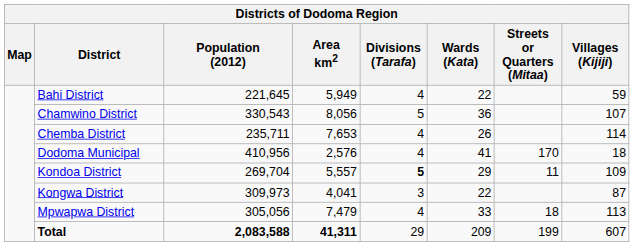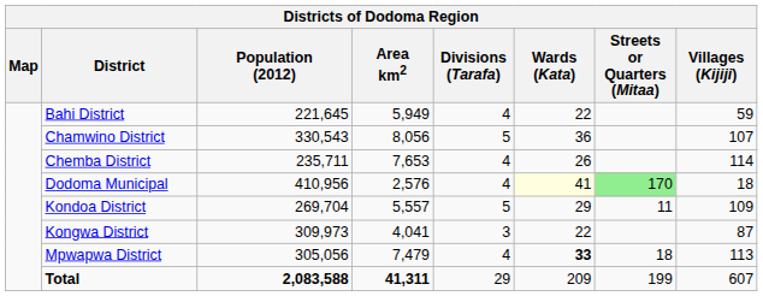 <table class="wikitable">
 <tr>
 <th colspan="8">Districts of Dodoma Region</th>
 </tr>
 <tr style="text-align:center;">
 <th>Map</th>
 <th style="width: 10em">District</th>
 <th style="width: 10em">Population<br>(2012)</th>
 <th style="width: 5em">Area<br>km<sup>2</sup></th>
 <th style="width: 5em">Divisions<br>(<em>Tarafa</em>)</th>
 <th style="width: 5em">Wards<br>(<em>Kata</em>)</th>
 <th style="width: 5em">Streets<br>or Quarters<br>(<em>Mitaa</em>)</th>
 <th style="width: 5em">Villages<br>(<em>Kijiji</em>)</th>
 </tr>
 <tr>
 <td rowspan=8></td>
 <td><a href='#'>Bahi District</a></td>
 <td style="text-align:right;">221,645</td>
 <td style="text-align:right;">5,949</td>
 <td style="text-align:right;">4</td>
 <td style="text-align:right;">22</td>
 <td style="text-align:right;"></td>
 <td style="text-align:right;">59</td>
 </tr>
 <tr>
 <td><a href='#'>Chamwino District</a></td>
 <td style="text-align:right;">330,543</td>
 <td style="text-align:right;">8,056</td>
 <td style="text-align:right;">5</td>
 <td style="text-align:right;">36</td>
 <td style="text-align:right;"></td>
 <td style="text-align:right;">107</td>
 </tr>
 <tr>
 <td><a href='#'>Chemba District</a></td>
 <td style="text-align:right;">235,711</td>
 <td style="text-align:right;">7,653</td>
 <td style="text-align:right;">4</td>
 <td style="text-align:right;">26</td>
 <td style="text-align:right;"></td>
 <td style="text-align:right;">114</td>
 </tr>
 <tr>
 <td><a href='#'>Dodoma Municipal</a></td>
 <td style="text-align:right;">410,956</td>
 <td style="text-align:right;">2,576</td>
 <td style="text-align:right;">4</td>
-<td style="text-align:right;">41</td>
-<td style="text-align:right;">170</td>
+<td style="background: lightyellow; text-align:right;">41</td>
+<td style="background: lightgreen; text-align:right;">170</td>
 <td style="text-align:right;">18</td>
 </tr>
 <tr>
 <td><a href='#'>Kondoa District</a></td>
 <td style="text-align:right;">269,704</td>
 <td style="text-align:right;">5,557</td>
-<td style="text-align:right;"><strong>5</strong></td>
+<td style="text-align:right;">5</td>
 <td style="text-align:right;">29</td>
 <td style="text-align:right;">11</td>
 <td style="text-align:right;">109</td>
 </tr>
 <tr>
 <td><a href='#'>Kongwa District</a></td>
 <td style="text-align:right;">309,973</td>
 <td style="text-align:right;">4,041</td>
 <td style="text-align:right;">3</td>
 <td style="text-align:right;">22</td>
 <td style="text-align:right;"></td>
 <td style="text-align:right;">87</td>
 </tr>
 <tr>
 <td><a href='#'>Mpwapwa District</a></td>
 <td style="text-align:right;">305,056</td>
 <td style="text-align:right;">7,479</td>
 <td style="text-align:right;">4</td>
-<td style="text-align:right;">33</td>
+<td style="text-align:right;"><strong>33</strong></td>
 <td style="text-align:right;">18</td>
 <td style="text-align:right;">113</td>
 </tr>
 <tr>
 <td><strong>Total</strong></td>
 <td style="text-align:right;"><strong>2,083,588</strong></td>
 <td style="text-align:right;"><strong>41,311</strong></td>
 <td style="text-align:right;">29</td>
 <td style="text-align:right;">209</td>
 <td style="text-align:right;">199</td>
 <td style="text-align:right;">607</td>
 </tr>
 </table>
